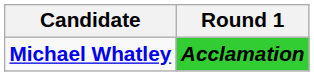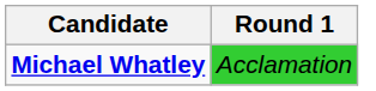 <table class="wikitable">
 <tr>
 <th>Candidate</th>
 <th>Round 1</th>
 </tr>
 <tr>
 <td><strong><a href='#'>Michael Whatley</a></strong></td>
-<td style="background:limegreen;"><strong><em>Acclamation</em></strong></td>
+<td style="background:limegreen;"><em>Acclamation</em></td>
 </tr>
 </table>
